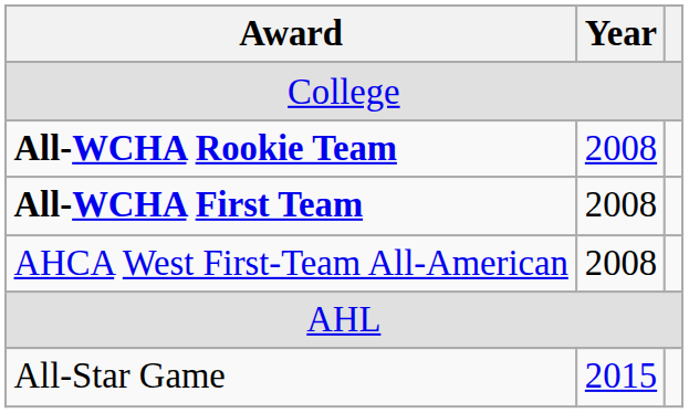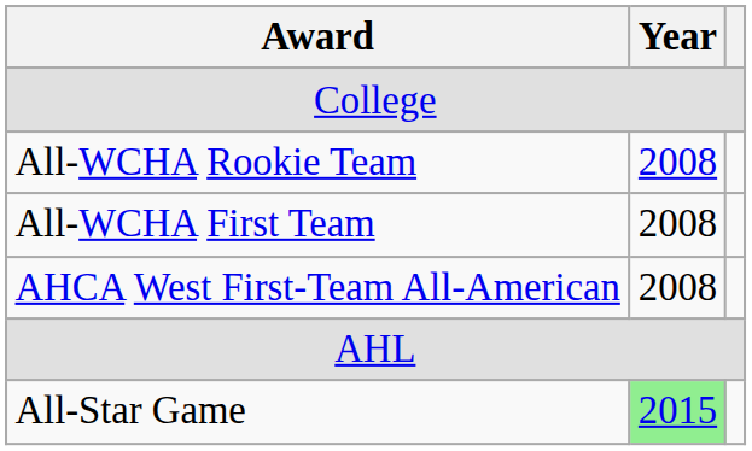 <table class="wikitable">
 <tr>
 <th>Award</th>
 <th>Year</th>
 <th></th>
 </tr>
 <tr ALIGN="center" bgcolor="#e0e0e0">
 <td colspan="3"><a href='#'>College</a></td>
 </tr>
 <tr>
-<td><strong>All-<a href='#'>WCHA</a> <a href='#'>Rookie Team</a></strong></td>
+<td>All-<a href='#'>WCHA</a> <a href='#'>Rookie Team</a></td>
 <td><a href='#'>2008</a></td>
 <td></td>
 </tr>
 <tr>
-<td><strong>All-<a href='#'>WCHA</a> <a href='#'>First Team</a></strong></td>
+<td>All-<a href='#'>WCHA</a> <a href='#'>First Team</a></td>
 <td>2008</td>
 <td></td>
 </tr>
 <tr>
 <td><a href='#'>AHCA</a> <a href='#'>West First-Team All-American</a></td>
 <td>2008</td>
 <td></td>
 </tr>
 <tr ALIGN="center" bgcolor="#e0e0e0">
 <td colspan="3"><a href='#'>AHL</a></td>
 </tr>
 <tr>
 <td>All-Star Game</td>
-<td><a href='#'>2015</a></td>
+<td style="background: lightgreen;"><a href='#'>2015</a></td>
 <td></td>
 </tr>
 </table>
